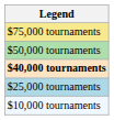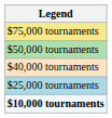 <table class=wikitable style="font-size:85%">
 <tr>
 <th>Legend</th>
 </tr>
 <tr style="background:#f7e98e;">
 <td>$75,000 tournaments</td>
 </tr>
 <tr style="background:#addfad;">
 <td>$50,000 tournaments</td>
 </tr>
 <tr style="background:#ffe4c4;">
-<td><strong>$40,000 tournaments</strong></td>
+<td>$40,000 tournaments</td>
 </tr>
 <tr style="background:lightblue;">
 <td>$25,000 tournaments</td>
 </tr>
 <tr style="background:#f0f8ff;">
-<td>$10,000 tournaments</td>
+<td><strong>$10,000 tournaments</strong></td>
 </tr>
 </table>
